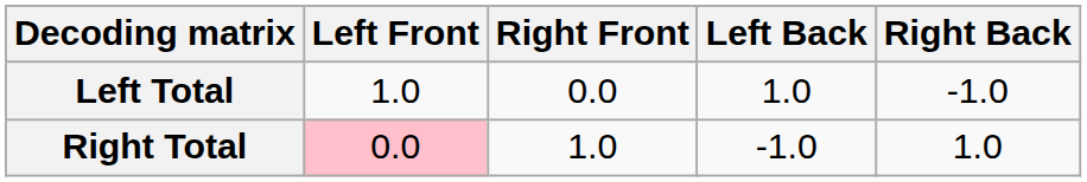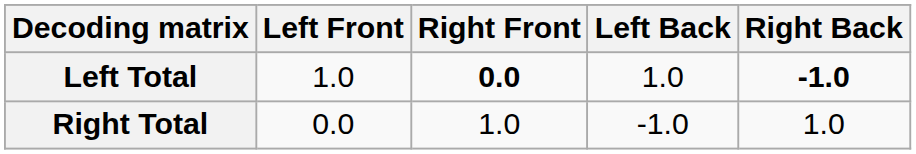 <table class="wikitable" style="text-align:center">
 <tr>
 <th>Decoding matrix</th>
 <th>Left Front</th>
 <th>Right Front</th>
 <th>Left Back</th>
 <th>Right Back</th>
 </tr>
 <tr>
 <th>Left Total</th>
 <td>1.0</td>
-<td>0.0</td>
+<td><strong>0.0</strong></td>
 <td>1.0</td>
-<td>-1.0</td>
+<td><strong>-1.0</strong></td>
 </tr>
 <tr>
 <th>Right  Total</th>
-<td style="background: pink;">0.0</td>
+<td>0.0</td>
 <td>1.0</td>
 <td>-1.0</td>
 <td>1.0</td>
 </tr>
 </table>
